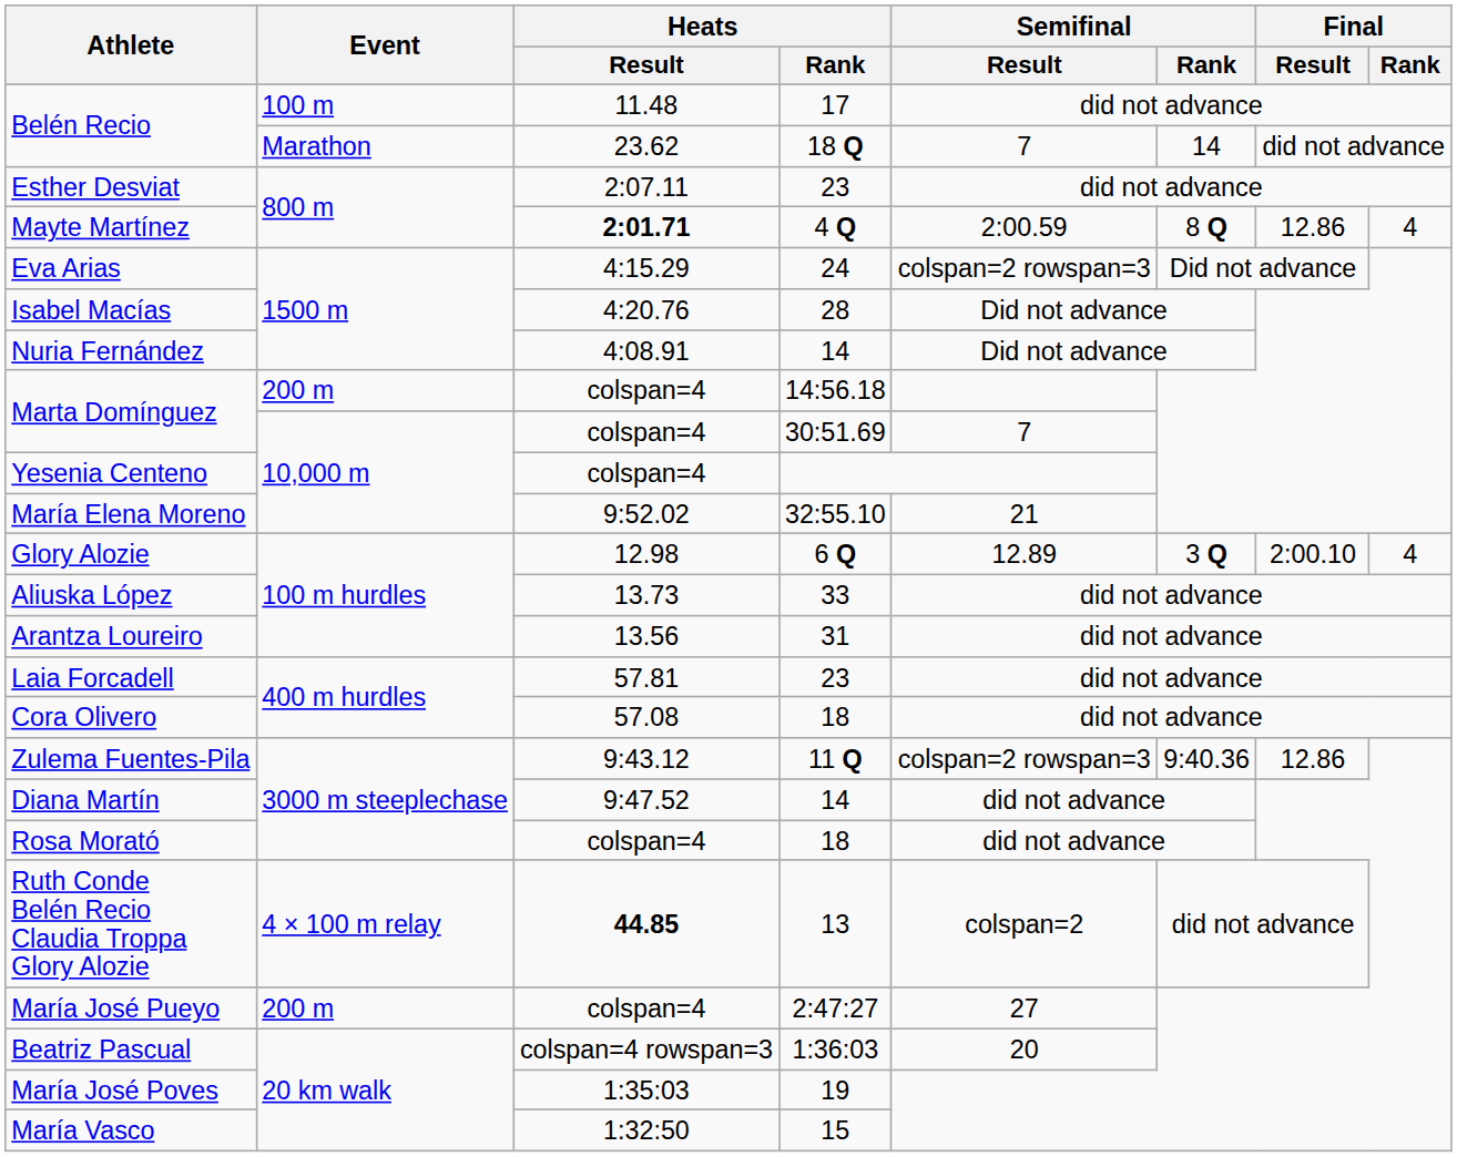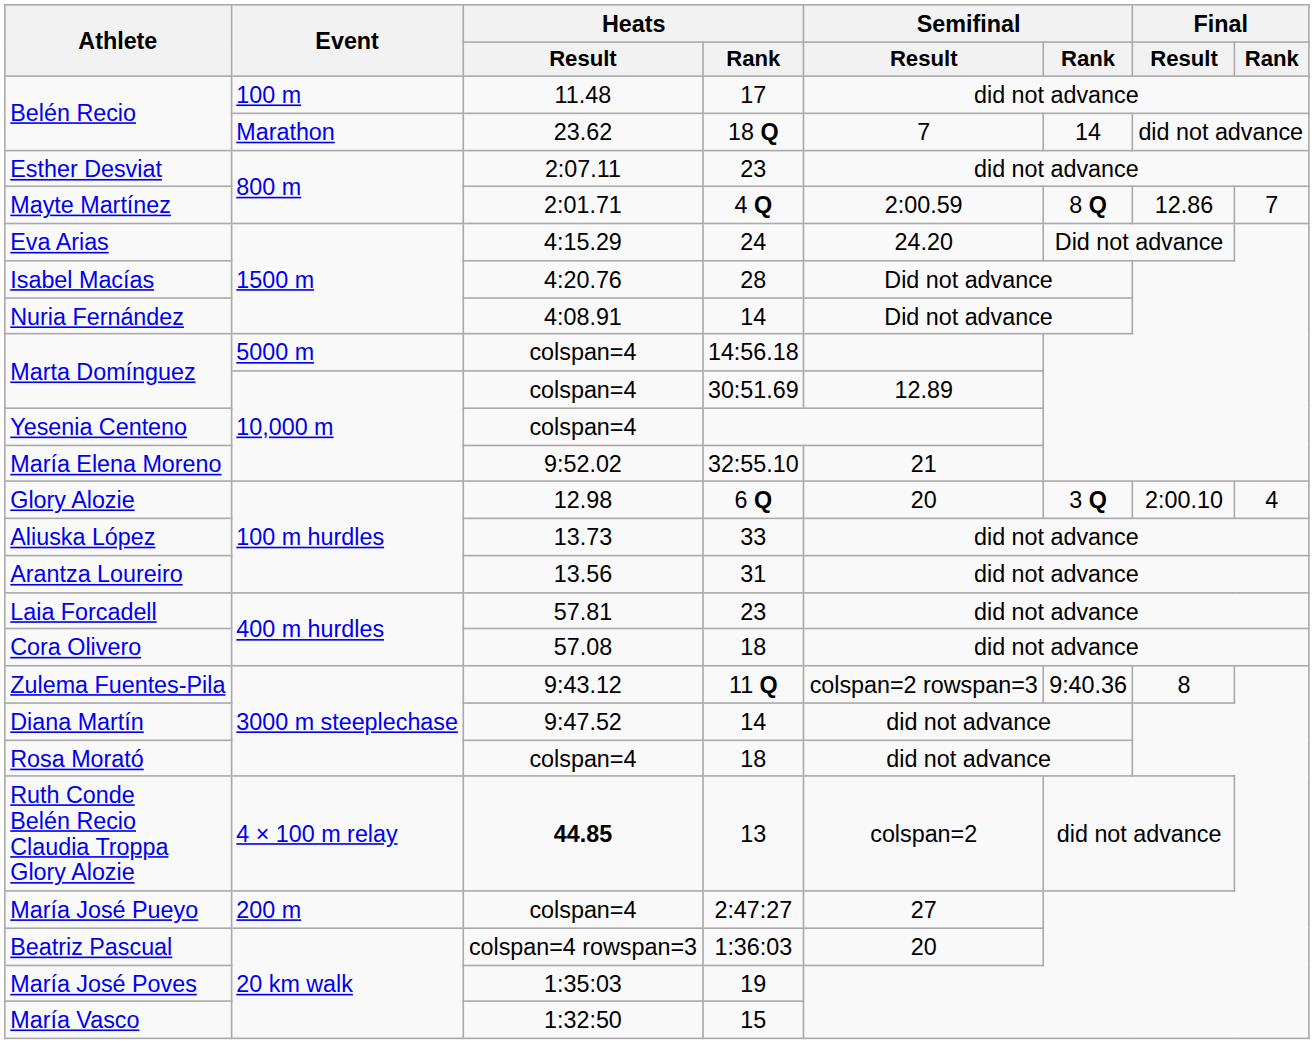 <table class="wikitable" style="font-size:90%">
 <tr>
 <th rowspan="2">Athlete</th>
 <th rowspan="2">Event</th>
 <th colspan="2">Heats</th>
 <th colspan="2">Semifinal</th>
 <th colspan="2">Final</th>
 </tr>
 <tr style="font-size:95%">
 <th>Result</th>
 <th>Rank</th>
 <th>Result</th>
 <th>Rank</th>
 <th>Result</th>
 <th>Rank</th>
 </tr>
 <tr align=center>
 <td align=left rowspan=2><a href='#'>Belén Recio</a></td>
 <td align=left><a href='#'>100 m</a></td>
 <td>11.48 <strong></strong></td>
 <td>17</td>
 <td colspan=4>did not advance</td>
 </tr>
 <tr align=center>
 <td align=left><a href='#'>Marathon</a></td>
 <td>23.62</td>
 <td>18 <strong>Q</strong></td>
 <td>7</td>
 <td>14</td>
 <td colspan=2>did not advance</td>
 </tr>
 <tr align=center>
 <td align=left><a href='#'>Esther Desviat</a></td>
 <td align=left rowspan=2><a href='#'>800 m</a></td>
 <td>2:07.11</td>
 <td>23</td>
 <td colspan=4>did not advance</td>
 </tr>
 <tr align=center>
 <td align=left><a href='#'>Mayte Martínez</a></td>
-<td><strong>2:01.71</strong></td>
+<td>2:01.71</td>
 <td>4 <strong>Q</strong></td>
 <td>2:00.59</td>
 <td>8 <strong>Q</strong></td>
 <td>12.86</td>
-<td>4</td>
+<td>7</td>
 </tr>
 <tr align=center>
 <td align=left><a href='#'>Eva Arias</a></td>
 <td align=left rowspan=3><a href='#'>1500 m</a></td>
 <td>4:15.29</td>
 <td>24</td>
-<td>colspan=2 rowspan=3 </td>
+<td>24.20</td>
 <td colspan=2>Did not advance</td>
 </tr>
 <tr align=center>
 <td align=left><a href='#'>Isabel Macías</a></td>
 <td>4:20.76</td>
 <td>28</td>
 <td colspan=2>Did not advance</td>
 </tr>
 <tr align=center>
 <td align=left><a href='#'>Nuria Fernández</a></td>
 <td>4:08.91 <strong></strong></td>
 <td>14</td>
 <td colspan=2>Did not advance</td>
 </tr>
 <tr align=center>
 <td align=left rowspan=2><a href='#'>Marta Domínguez</a></td>
-<td align=left><a href='#'>200 m</a></td>
+<td align=left><a href='#'>5000 m</a></td>
 <td>colspan=4 </td>
 <td>14:56.18 <strong></strong></td>
 <td></td>
 </tr>
 <tr align=center>
 <td align=left rowspan=3><a href='#'>10,000 m</a></td>
 <td>colspan=4 </td>
 <td>30:51.69 <strong></strong></td>
-<td>7</td>
+<td>12.89</td>
 </tr>
 <tr align=center>
 <td align=left><a href='#'>Yesenia Centeno</a></td>
 <td>colspan=4 </td>
 <td colspan=2></td>
 </tr>
 <tr align=center>
 <td align=left><a href='#'>María Elena Moreno</a></td>
 <td>9:52.02</td>
 <td>32:55.10</td>
 <td>21</td>
 </tr>
 <tr align=center>
 <td align=left><a href='#'>Glory Alozie</a></td>
 <td align=left rowspan=3><a href='#'>100 m hurdles</a></td>
 <td>12.98</td>
 <td>6 <strong>Q</strong></td>
-<td>12.89</td>
+<td>20</td>
 <td>3 <strong>Q</strong></td>
 <td>2:00.10</td>
 <td>4</td>
 </tr>
 <tr align=center>
 <td align=left><a href='#'>Aliuska López</a></td>
 <td>13.73</td>
 <td>33</td>
 <td colspan=4>did not advance</td>
 </tr>
 <tr align=center>
 <td align=left><a href='#'>Arantza Loureiro</a></td>
 <td>13.56</td>
 <td>31</td>
 <td colspan=4>did not advance</td>
 </tr>
 <tr align=center>
 <td align=left><a href='#'>Laia Forcadell</a></td>
 <td align=left rowspan=2><a href='#'>400 m hurdles</a></td>
 <td>57.81</td>
 <td>23</td>
 <td colspan=4>did not advance</td>
 </tr>
 <tr align=center>
 <td align=left><a href='#'>Cora Olivero</a></td>
 <td>57.08</td>
 <td>18</td>
 <td colspan=4>did not advance</td>
 </tr>
 <tr align=center>
 <td align=left><a href='#'>Zulema Fuentes-Pila</a></td>
 <td align=left rowspan=3><a href='#'>3000 m steeplechase</a></td>
 <td>9:43.12 <strong></strong></td>
 <td>11 <strong>Q</strong></td>
 <td>colspan=2 rowspan=3 </td>
 <td>9:40.36 <strong></strong></td>
-<td>12.86</td>
+<td>8</td>
 </tr>
 <tr align=center>
 <td align=left><a href='#'>Diana Martín</a></td>
 <td>9:47.52 <strong></strong></td>
 <td>14</td>
 <td colspan=2>did not advance</td>
 </tr>
 <tr align=center>
 <td align=left><a href='#'>Rosa Morató</a></td>
 <td>colspan=4 </td>
 <td>18</td>
 <td colspan=2>did not advance</td>
 </tr>
 <tr align=center>
 <td align=left><a href='#'>Ruth Conde</a><br><a href='#'>Belén Recio</a><br><a href='#'>Claudia Troppa</a><br><a href='#'>Glory Alozie</a></td>
 <td align=left><a href='#'>4 × 100 m relay</a></td>
 <td><strong>44.85</strong></td>
 <td>13</td>
 <td>colspan=2 </td>
 <td colspan=2>did not advance</td>
 </tr>
 <tr align=center>
 <td align=left><a href='#'>María José Pueyo</a></td>
 <td align=left><a href='#'>200 m</a></td>
 <td>colspan=4 </td>
 <td>2:47:27</td>
 <td>27</td>
 </tr>
 <tr align=center>
 <td align=left><a href='#'>Beatriz Pascual</a></td>
 <td align=left rowspan=3><a href='#'>20 km walk</a></td>
 <td>colspan=4 rowspan=3 </td>
 <td>1:36:03</td>
 <td>20</td>
 </tr>
 <tr align=center>
 <td align=left><a href='#'>María José Poves</a></td>
 <td>1:35:03</td>
 <td>19</td>
 </tr>
 <tr align=center>
 <td align=left><a href='#'>María Vasco</a></td>
 <td>1:32:50 <strong></strong></td>
 <td>15</td>
 </tr>
 </table>
